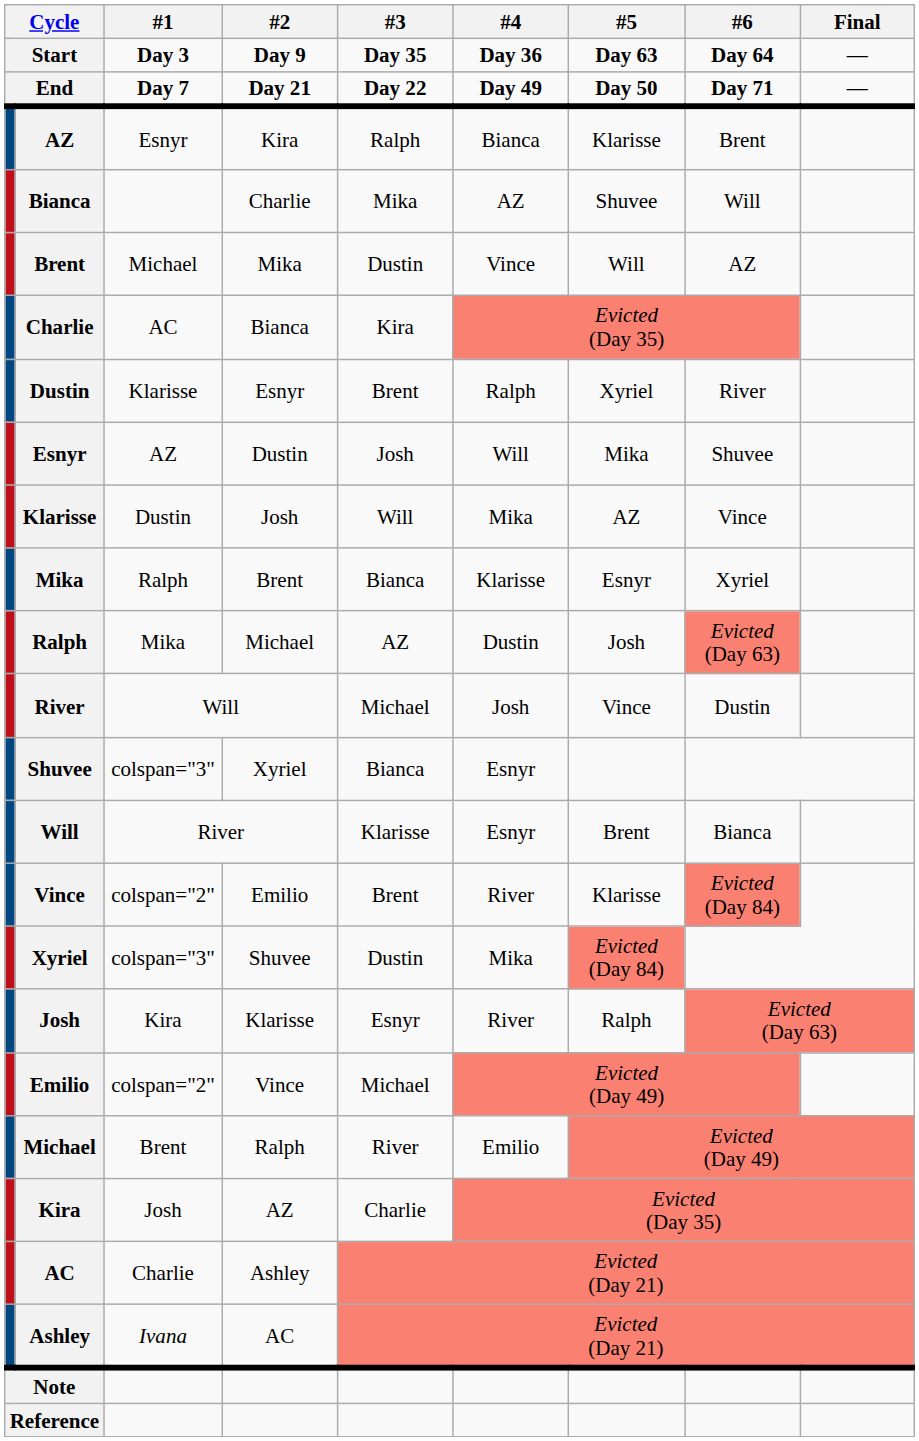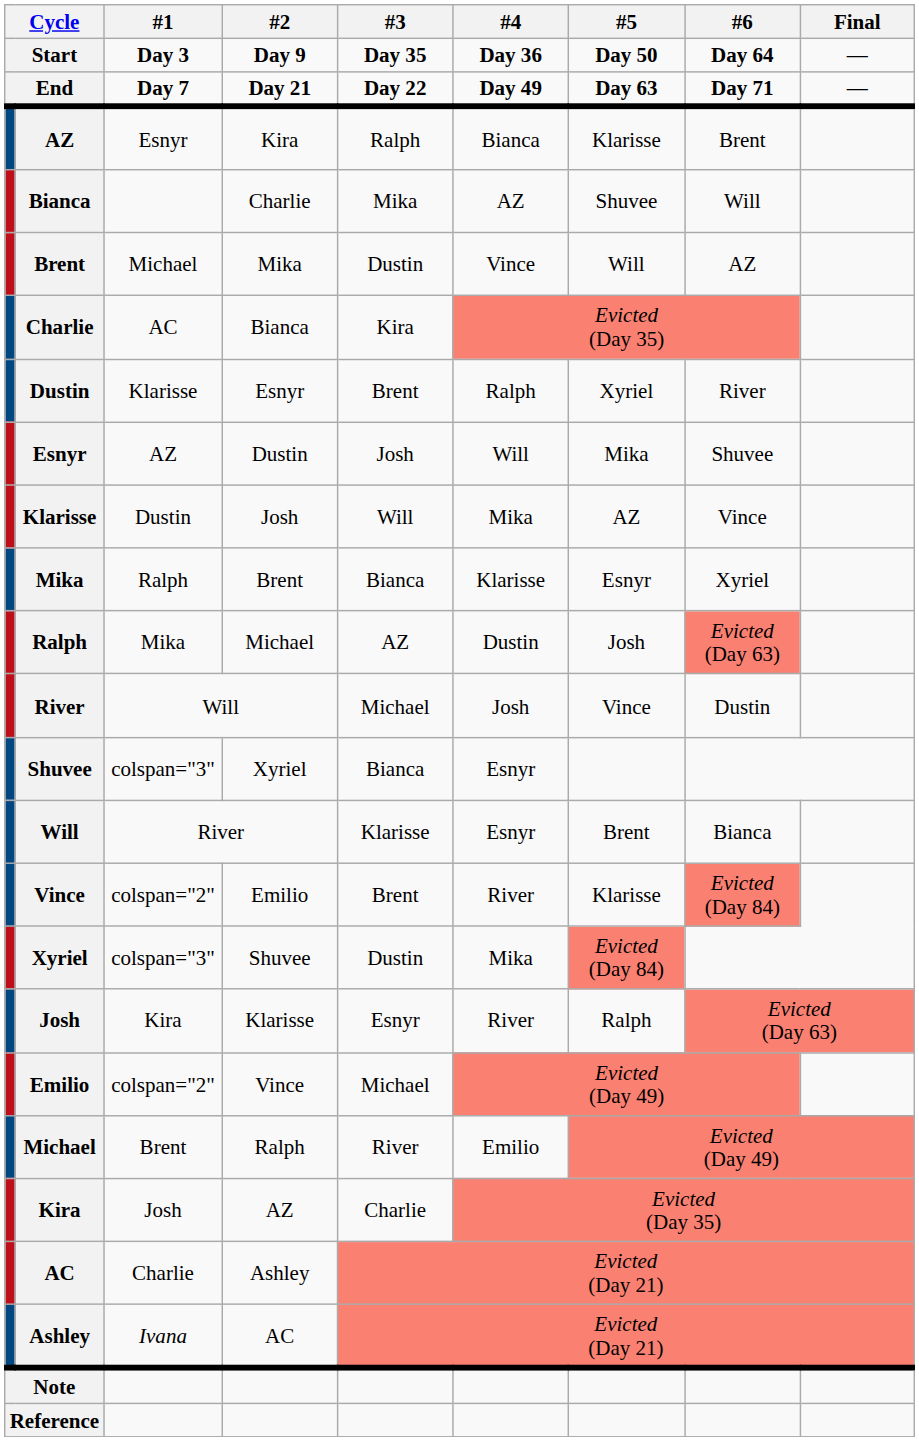 <table class="wikitable" style="margin:1em auto; font-size:90%; width:100%; line-height:16px; text-align:center; white-space: nowrap;">
 <tr>
 <th colspan="2" width="09%"><a href='#'>Cycle</a></th>
 <th width="13%">#1</th>
 <th width="13%">#2</th>
 <th width="13%">#3</th>
 <th width="13%">#4</th>
 <th width="13%">#5</th>
 <th width="13%">#6</th>
 <th width="13%">Final</th>
 </tr>
 <tr>
 <th colspan="2">Start</th>
 <td><strong>Day 3</strong><br></td>
 <td><strong>Day 9</strong><br></td>
 <td><strong>Day 35</strong><br></td>
 <td><strong>Day 36</strong><br></td>
-<td><strong>Day 63</strong><br></td>
+<td><strong>Day 50</strong><br></td>
 <td><strong>Day 64</strong><br></td>
 <td>—</td>
 </tr>
 <tr>
 <th colspan="2">End</th>
 <td><strong>Day 7</strong><br></td>
 <td><strong>Day 21</strong><br></td>
 <td><strong>Day 22</strong><br></td>
 <td><strong>Day 49</strong><br></td>
-<td><strong>Day 50</strong><br></td>
+<td><strong>Day 63</strong><br></td>
 <td><strong>Day 71</strong><br></td>
 <td>—</td>
 </tr>
 <tr style="height: 3em; border-top: 4px solid;">
 <td style="background:#004680;"></td>
 <th>AZ</th>
 <td>Esnyr</td>
 <td>Kira</td>
 <td>Ralph</td>
 <td>Bianca</td>
 <td>Klarisse</td>
 <td>Brent</td>
 <td></td>
 </tr>
 <tr style="height: 3em;">
 <td style="background:#BD0E1A;"></td>
 <th>Bianca</th>
 <td></td>
 <td>Charlie</td>
 <td>Mika</td>
 <td>AZ</td>
 <td>Shuvee</td>
 <td>Will</td>
 <td></td>
 </tr>
 <tr style="height: 3em;">
 <td style="background:#BD0E1A;"></td>
 <th>Brent</th>
 <td>Michael</td>
 <td>Mika</td>
 <td>Dustin</td>
 <td>Vince</td>
 <td>Will</td>
 <td>AZ</td>
 <td></td>
 </tr>
 <tr style="height: 3em;">
 <td style="background:#004680;"></td>
 <th>Charlie</th>
 <td>AC</td>
 <td>Bianca</td>
 <td>Kira</td>
 <td colspan="3" style="background:#FA8072"><em>Evicted</em><br>(Day 35)</td>
 <td></td>
 </tr>
 <tr style="height: 3em;">
 <td style="background:#004680;"></td>
 <th>Dustin</th>
 <td>Klarisse</td>
 <td>Esnyr</td>
 <td>Brent</td>
 <td>Ralph</td>
 <td>Xyriel</td>
 <td>River</td>
 <td></td>
 </tr>
 <tr style="height: 3em;">
 <td style="background:#BD0E1A;"></td>
 <th>Esnyr</th>
 <td>AZ</td>
 <td>Dustin</td>
 <td>Josh</td>
 <td>Will</td>
 <td>Mika</td>
 <td>Shuvee</td>
 <td></td>
 </tr>
 <tr style="height: 3em;">
 <td style="background:#BD0E1A;"></td>
 <th>Klarisse</th>
 <td>Dustin</td>
 <td>Josh</td>
 <td>Will</td>
 <td>Mika</td>
 <td>AZ</td>
 <td>Vince</td>
 <td></td>
 </tr>
 <tr style="height: 3em;">
 <td style="background:#004680;"></td>
 <th>Mika</th>
 <td>Ralph</td>
 <td>Brent</td>
 <td>Bianca</td>
 <td>Klarisse</td>
 <td>Esnyr</td>
 <td>Xyriel</td>
 <td></td>
 </tr>
 <tr style="height: 3em;">
 <td style="background:#BD0E1A;"></td>
 <th>Ralph</th>
 <td>Mika</td>
 <td>Michael</td>
 <td>AZ</td>
 <td>Dustin</td>
 <td>Josh</td>
 <td style="background:#FA8072"><em>Evicted</em><br>(Day 63)</td>
 <td></td>
 </tr>
 <tr style="height: 3em;">
 <td style="background:#BD0E1A;"></td>
 <th>River</th>
 <td colspan="2">Will</td>
 <td>Michael</td>
 <td>Josh</td>
 <td>Vince</td>
 <td>Dustin</td>
 <td></td>
 </tr>
 <tr style="height: 3em;">
 <td style="background:#004680;"></td>
 <th>Shuvee</th>
 <td>colspan="3" </td>
 <td>Xyriel</td>
 <td>Bianca</td>
 <td>Esnyr</td>
 <td></td>
 </tr>
 <tr style="height: 3em;">
 <td style="background:#004680;"></td>
 <th>Will</th>
 <td colspan="2">River</td>
 <td>Klarisse</td>
 <td>Esnyr</td>
 <td>Brent</td>
 <td>Bianca</td>
 <td></td>
 </tr>
 <tr style="height: 3em;">
 <td style="background:#004680;"></td>
 <th>Vince</th>
 <td>colspan="2" </td>
 <td>Emilio</td>
 <td>Brent</td>
 <td>River</td>
 <td>Klarisse</td>
 <td style="background:#FA8072"><em>Evicted</em><br>(Day 84)</td>
 </tr>
 <tr style="height: 3em;">
 <td style="background:#BD0E1A;"></td>
 <th>Xyriel</th>
 <td>colspan="3" </td>
 <td>Shuvee</td>
 <td>Dustin</td>
 <td>Mika</td>
 <td style="background:#FA8072"><em>Evicted</em><br>(Day 84)</td>
 </tr>
 <tr style="height: 3em;">
 <td style="background:#004680;"></td>
 <th>Josh</th>
 <td>Kira</td>
 <td>Klarisse</td>
 <td>Esnyr</td>
 <td>River</td>
 <td>Ralph</td>
 <td colspan="2" style="background:#FA8072"><em>Evicted</em><br>(Day 63)</td>
 </tr>
 <tr style="height: 3em;">
 <td style="background:#BD0E1A;"></td>
 <th>Emilio</th>
 <td>colspan="2" </td>
 <td>Vince</td>
 <td>Michael</td>
 <td colspan="3" style="background:#FA8072"><em>Evicted</em><br>(Day 49)</td>
 </tr>
 <tr style="height: 3em;">
 <td style="background:#004680;"></td>
 <th>Michael</th>
 <td>Brent</td>
 <td>Ralph</td>
 <td>River</td>
 <td>Emilio</td>
 <td colspan="3" style="background:#FA8072"><em>Evicted</em><br>(Day 49)</td>
 </tr>
 <tr style="height: 3em;">
 <td style="background:#BD0E1A;"></td>
 <th>Kira</th>
 <td>Josh</td>
 <td>AZ</td>
 <td>Charlie</td>
 <td colspan="4" style="background:#FA8072"><em>Evicted</em><br>(Day 35)</td>
 </tr>
 <tr style="height: 3em;">
 <td style="background:#BD0E1A;"></td>
 <th>AC</th>
 <td>Charlie</td>
 <td>Ashley</td>
 <td colspan="5" style="background:#FA8072"width="1%"><em>Evicted</em><br>(Day 21)</td>
 </tr>
 <tr style="height: 3em;">
 <td style="background:#004680;"></td>
 <th>Ashley</th>
 <td><em>Ivana</em></td>
 <td>AC</td>
 <td colspan="5" style="background:#FA8072"width="1%"><em>Evicted</em><br>(Day 21)</td>
 </tr>
 <tr style="border-top: 4px solid;">
 <th colspan="2">Note</th>
 <td></td>
 <td></td>
 <td></td>
 <td></td>
 <td></td>
 <td></td>
 </tr>
 <tr>
 <th colspan="2">Reference</th>
 <td></td>
 <td></td>
 <td></td>
 <td></td>
 <td></td>
 <td></td>
 <td></td>
 </tr>
 <tr>
 </tr>
 </table>
